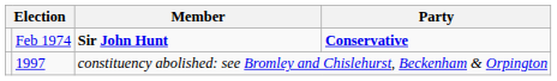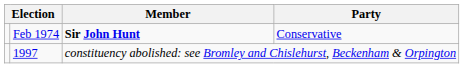 <table class="wikitable">
 <tr>
 <th colspan="2">Election</th>
 <th>Member</th>
 <th>Party</th>
 </tr>
 <tr>
 <td style="color:inherit;background-color: "></td>
 <td><a href='#'>Feb 1974</a></td>
 <td><strong>Sir <a href='#'>John Hunt</a></strong></td>
-<td><strong><a href='#'>Conservative</a></strong></td>
+<td><a href='#'>Conservative</a></td>
 </tr>
 <tr>
 <td></td>
 <td><a href='#'>1997</a></td>
 <td colspan="2"><em>constituency abolished: see <a href='#'>Bromley and Chislehurst</a>, <a href='#'>Beckenham</a> & <a href='#'>Orpington</a></em></td>
 </tr>
 </table>
